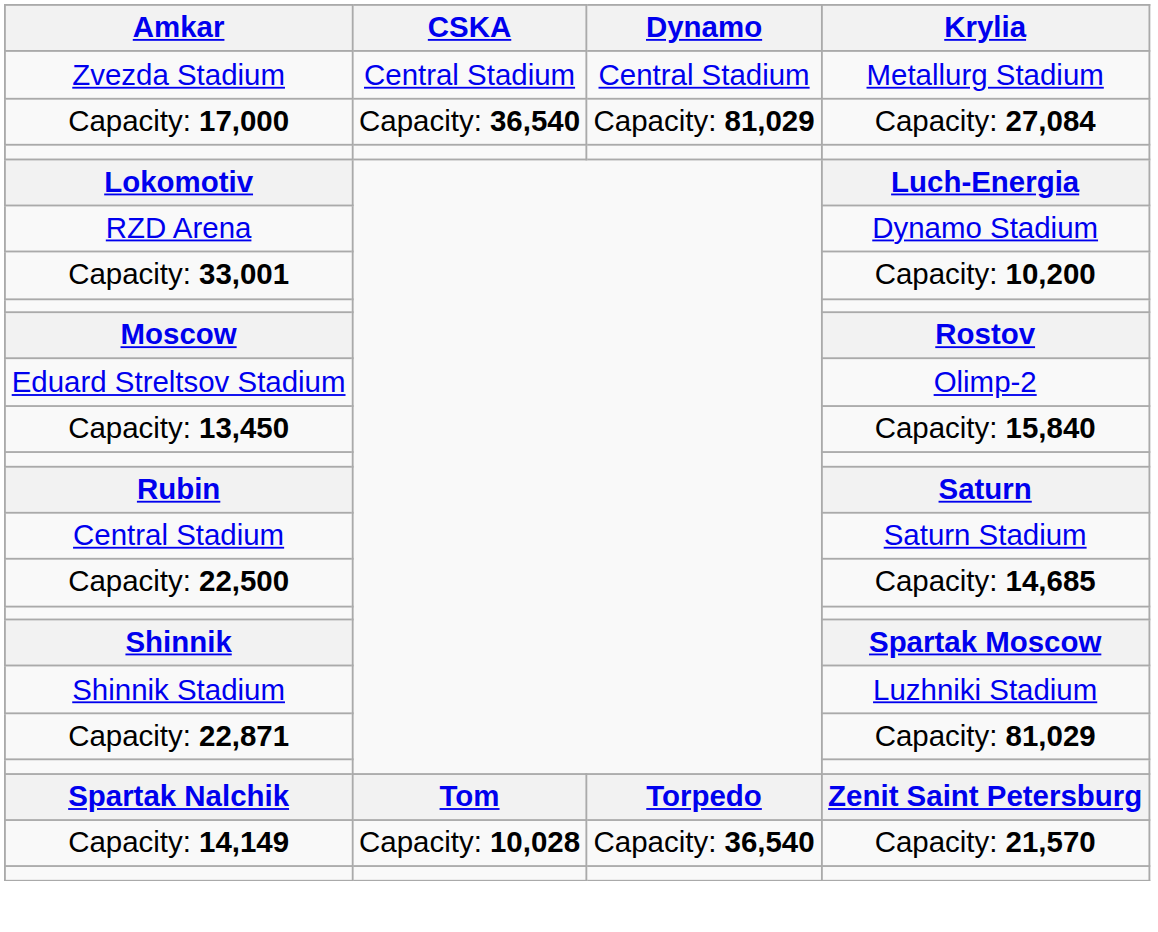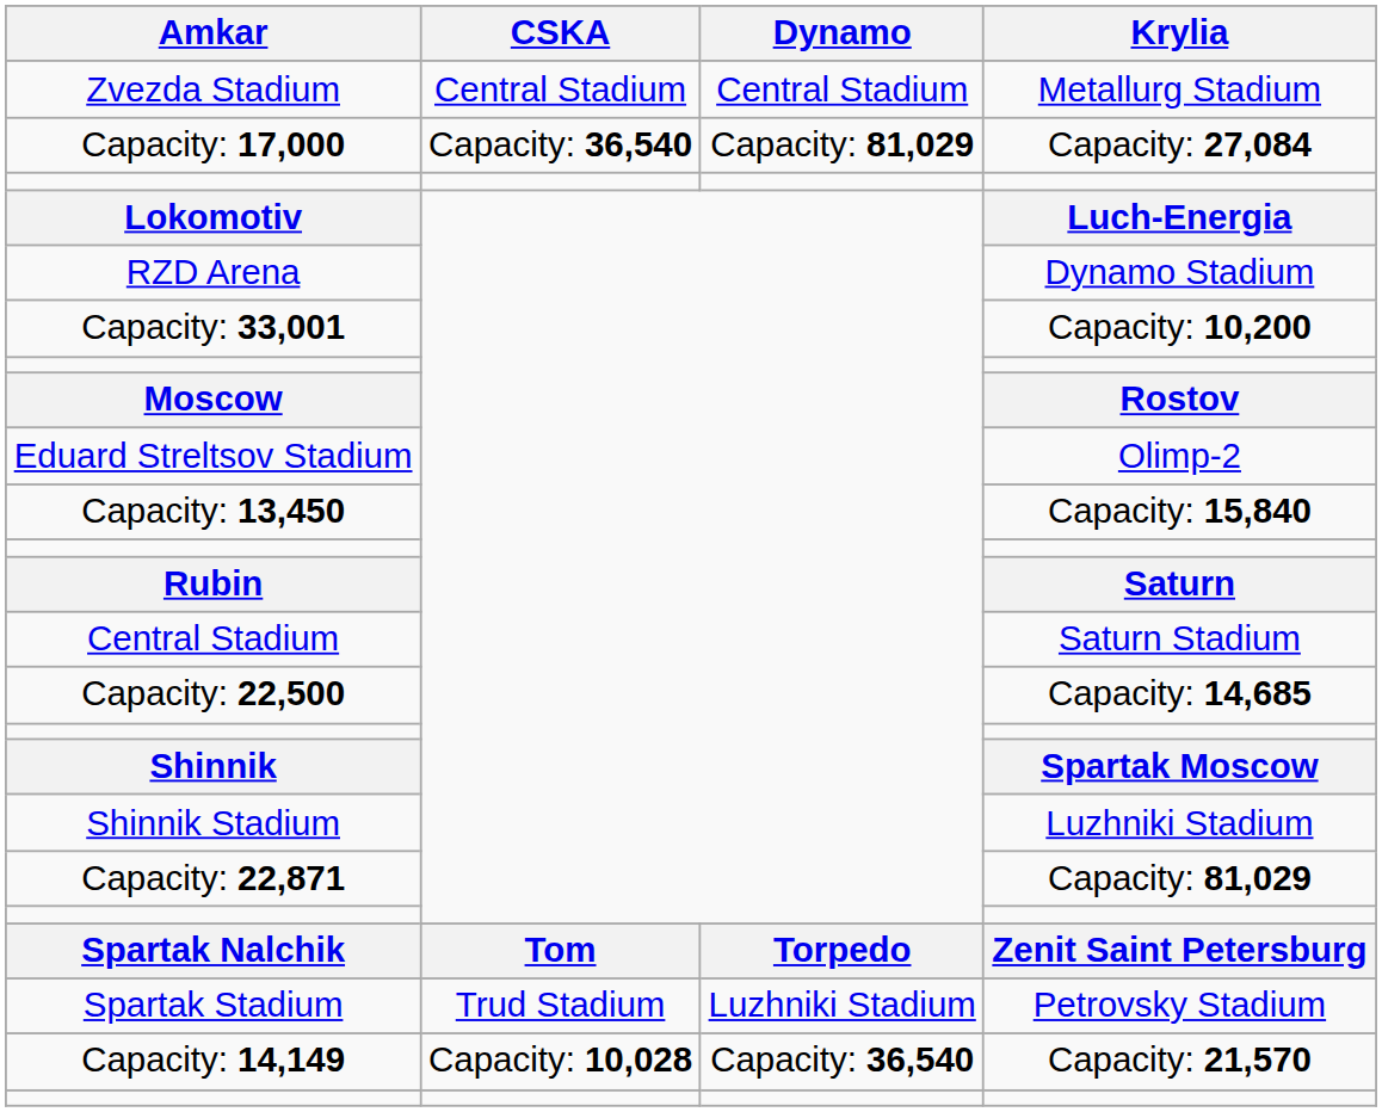 <table class="wikitable" style="text-align:center;">
 <tr>
 <th><a href='#'>Amkar</a></th>
 <th><a href='#'>CSKA</a></th>
 <th><a href='#'>Dynamo</a></th>
 <th><a href='#'>Krylia</a></th>
 </tr>
 <tr>
 <td><a href='#'>Zvezda Stadium</a></td>
 <td><a href='#'>Central Stadium</a></td>
 <td><a href='#'>Central Stadium</a></td>
 <td><a href='#'>Metallurg Stadium</a></td>
 </tr>
 <tr>
 <td>Capacity: <strong>17,000</strong></td>
 <td>Capacity: <strong>36,540</strong></td>
 <td>Capacity: <strong>81,029</strong></td>
 <td>Capacity: <strong>27,084</strong></td>
 </tr>
 <tr>
 <td></td>
 <td></td>
 <td></td>
 <td></td>
 </tr>
 <tr>
 <th><a href='#'>Lokomotiv</a></th>
 <td colspan="2" rowspan="16"><br> </td>
 <th><a href='#'>Luch-Energia</a></th>
 </tr>
 <tr>
 <td><a href='#'>RZD Arena</a></td>
 <td><a href='#'>Dynamo Stadium</a></td>
 </tr>
 <tr>
 <td>Capacity: <strong>33,001</strong></td>
 <td>Capacity: <strong>10,200</strong></td>
 </tr>
 <tr>
 <td></td>
 <td></td>
 </tr>
 <tr>
 <th><a href='#'>Moscow</a></th>
 <th><a href='#'>Rostov</a></th>
 </tr>
 <tr>
 <td><a href='#'>Eduard Streltsov Stadium</a></td>
 <td><a href='#'>Olimp-2</a></td>
 </tr>
 <tr>
 <td>Capacity: <strong>13,450</strong></td>
 <td>Capacity: <strong>15,840</strong></td>
 </tr>
 <tr>
 <td></td>
 <td></td>
 </tr>
 <tr>
 <th><a href='#'>Rubin</a></th>
 <th><a href='#'>Saturn</a></th>
 </tr>
 <tr>
 <td><a href='#'>Central Stadium</a></td>
 <td><a href='#'>Saturn Stadium</a></td>
 </tr>
 <tr>
 <td>Capacity: <strong>22,500</strong></td>
 <td>Capacity: <strong>14,685</strong></td>
 </tr>
 <tr>
 <td></td>
 <td></td>
 </tr>
 <tr>
 <th><a href='#'>Shinnik</a></th>
 <th><a href='#'>Spartak Moscow</a></th>
 </tr>
 <tr>
 <td><a href='#'>Shinnik Stadium</a></td>
 <td><a href='#'>Luzhniki Stadium</a></td>
 </tr>
 <tr>
 <td>Capacity: <strong>22,871</strong></td>
 <td>Capacity: <strong>81,029</strong></td>
 </tr>
 <tr>
 <td></td>
 <td></td>
 </tr>
 <tr>
 <th><a href='#'>Spartak Nalchik</a></th>
 <th><a href='#'>Tom</a></th>
 <th><a href='#'>Torpedo</a></th>
 <th><a href='#'>Zenit Saint Petersburg</a></th>
 </tr>
 <tr>
+<td><a href='#'>Spartak Stadium</a></td>
+<td><a href='#'>Trud Stadium</a></td>
+<td><a href='#'>Luzhniki Stadium</a></td>
+<td><a href='#'>Petrovsky Stadium</a></td>
+</tr>
+<tr>
 <td>Capacity: <strong>14,149</strong></td>
 <td>Capacity: <strong>10,028</strong></td>
 <td>Capacity: <strong>36,540</strong></td>
 <td>Capacity: <strong>21,570</strong></td>
 </tr>
 <tr>
 <td></td>
 <td></td>
 <td></td>
 <td></td>
 </tr>
 </table>
